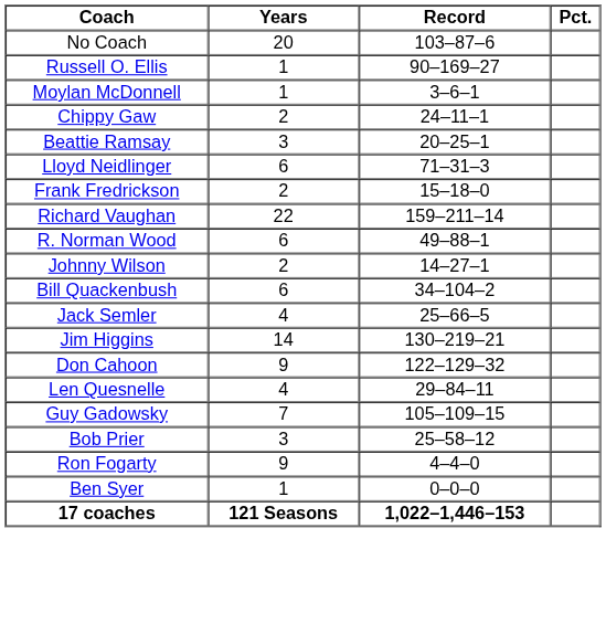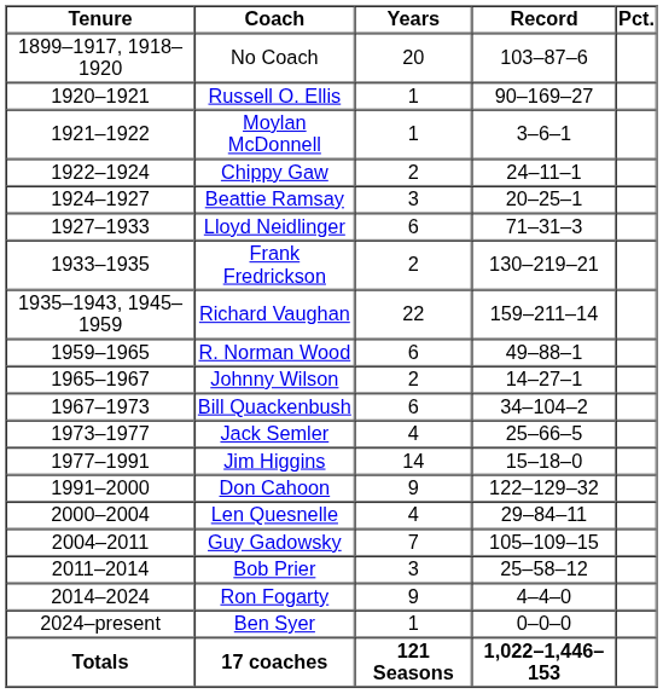 <table cellpadding="1" border="1" cellspacing="0" width="60%">
 <tr>
+<th>Tenure</th>
 <th>Coach</th>
 <th>Years</th>
 <th>Record</th>
 <th>Pct.</th>
 </tr>
 <tr align="center">
+<td>1899–1917, 1918–1920</td>
 <td>No Coach</td>
 <td>20</td>
 <td>103–87–6</td>
 <td></td>
 </tr>
 <tr align="center">
+<td>1920–1921</td>
 <td><a href='#'>Russell O. Ellis</a></td>
 <td>1</td>
 <td>90–169–27</td>
 <td></td>
 </tr>
 <tr align="center">
+<td>1921–1922</td>
 <td><a href='#'>Moylan McDonnell</a></td>
 <td>1</td>
 <td>3–6–1</td>
 <td></td>
 </tr>
 <tr align="center">
+<td>1922–1924</td>
 <td><a href='#'>Chippy Gaw</a></td>
 <td>2</td>
 <td>24–11–1</td>
 <td></td>
 </tr>
 <tr align="center">
+<td>1924–1927</td>
 <td><a href='#'>Beattie Ramsay</a></td>
 <td>3</td>
 <td>20–25–1</td>
 <td></td>
 </tr>
 <tr align="center">
+<td>1927–1933</td>
 <td><a href='#'>Lloyd Neidlinger</a></td>
 <td>6</td>
 <td>71–31–3</td>
 <td></td>
 </tr>
 <tr align="center">
+<td>1933–1935</td>
 <td><a href='#'>Frank Fredrickson</a></td>
 <td>2</td>
-<td>15–18–0</td>
+<td>130–219–21</td>
 <td></td>
 </tr>
 <tr align="center">
+<td>1935–1943, 1945–1959</td>
 <td><a href='#'>Richard Vaughan</a></td>
 <td>22</td>
 <td>159–211–14</td>
 <td></td>
 </tr>
 <tr align="center">
+<td>1959–1965</td>
 <td><a href='#'>R. Norman Wood</a></td>
 <td>6</td>
 <td>49–88–1</td>
 <td></td>
 </tr>
 <tr align="center">
+<td>1965–1967</td>
 <td><a href='#'>Johnny Wilson</a></td>
 <td>2</td>
 <td>14–27–1</td>
 <td></td>
 </tr>
 <tr align="center">
+<td>1967–1973</td>
 <td><a href='#'>Bill Quackenbush</a></td>
 <td>6</td>
 <td>34–104–2</td>
 <td></td>
 </tr>
 <tr align="center">
+<td>1973–1977</td>
 <td><a href='#'>Jack Semler</a></td>
 <td>4</td>
 <td>25–66–5</td>
 <td></td>
 </tr>
 <tr align="center">
+<td>1977–1991</td>
 <td><a href='#'>Jim Higgins</a></td>
 <td>14</td>
-<td>130–219–21</td>
+<td>15–18–0</td>
 <td></td>
 </tr>
 <tr align="center">
+<td>1991–2000</td>
 <td><a href='#'>Don Cahoon</a></td>
 <td>9</td>
 <td>122–129–32</td>
 <td></td>
 </tr>
 <tr align="center">
+<td>2000–2004</td>
 <td><a href='#'>Len Quesnelle</a></td>
 <td>4</td>
 <td>29–84–11</td>
 <td></td>
 </tr>
 <tr align="center">
+<td>2004–2011</td>
 <td><a href='#'>Guy Gadowsky</a></td>
 <td>7</td>
 <td>105–109–15</td>
 <td></td>
 </tr>
 <tr align="center">
+<td>2011–2014</td>
 <td><a href='#'>Bob Prier</a></td>
 <td>3</td>
 <td>25–58–12</td>
 <td></td>
 </tr>
 <tr align="center">
+<td>2014–2024</td>
 <td><a href='#'>Ron Fogarty</a></td>
 <td>9</td>
 <td>4–4–0</td>
 <td></td>
 </tr>
 <tr align="center">
+<td>2024–present</td>
 <td><a href='#'>Ben Syer</a></td>
 <td>1</td>
 <td>0–0–0</td>
 <td></td>
 </tr>
 <tr style="text-align:center">
+<th>Totals</th>
 <th>17 coaches</th>
 <th>121 Seasons</th>
 <th>1,022–1,446–153</th>
 <th></th>
 </tr>
 </table>
